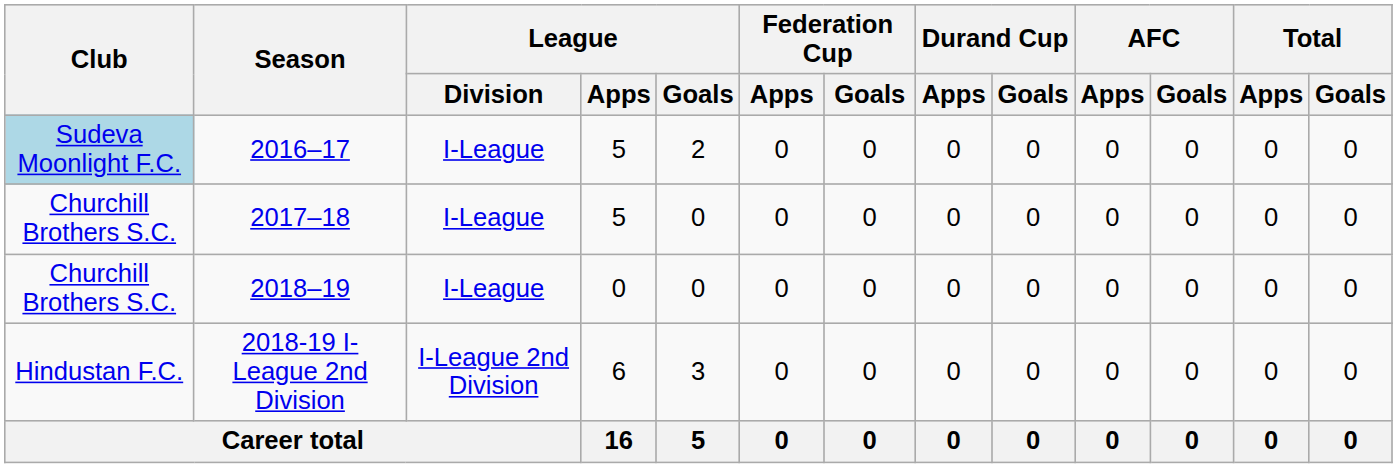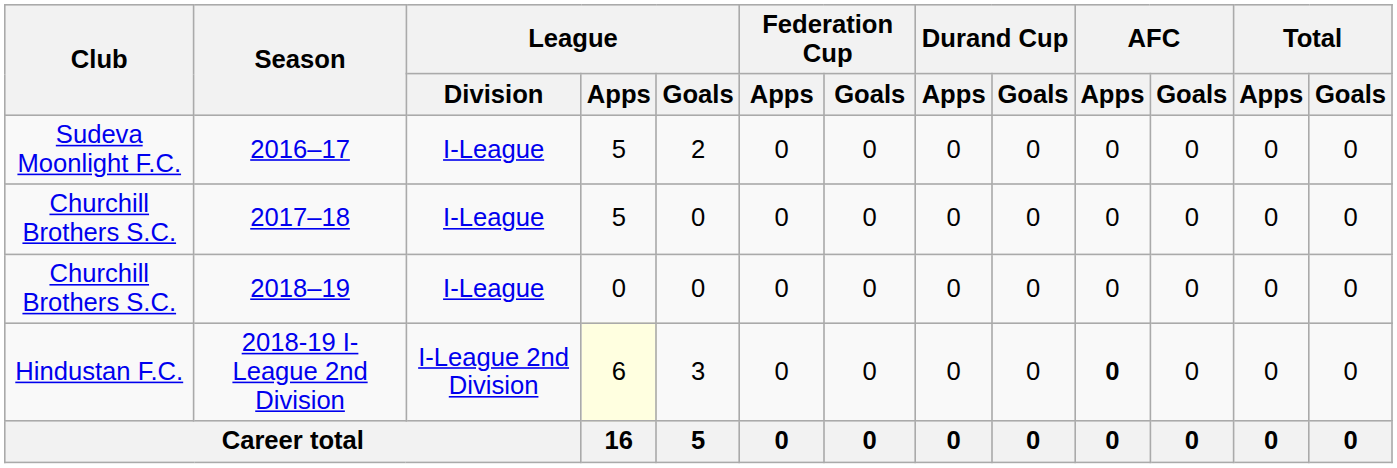 <table class="wikitable" style="text-align: center;">
 <tr>
 <th rowspan="2">Club</th>
 <th rowspan="2">Season</th>
 <th colspan="3">League</th>
 <th colspan="2">Federation Cup</th>
 <th colspan="2">Durand Cup</th>
 <th colspan="2">AFC</th>
 <th colspan="2">Total</th>
 </tr>
 <tr>
 <th>Division</th>
 <th>Apps</th>
 <th>Goals</th>
 <th>Apps</th>
 <th>Goals</th>
 <th>Apps</th>
 <th>Goals</th>
 <th>Apps</th>
 <th>Goals</th>
 <th>Apps</th>
 <th>Goals</th>
 </tr>
 <tr>
-<td rowspan="1" style="background: lightblue;"><a href='#'>Sudeva Moonlight F.C.</a></td>
+<td rowspan="1"><a href='#'>Sudeva Moonlight F.C.</a></td>
 <td><a href='#'>2016–17</a></td>
 <td><a href='#'>I-League</a></td>
 <td>5</td>
 <td>2</td>
 <td>0</td>
 <td>0</td>
 <td>0</td>
 <td>0</td>
 <td>0</td>
 <td>0</td>
 <td>0</td>
 <td>0</td>
 </tr>
 <tr>
 <td rowspan="1"><a href='#'>Churchill Brothers S.C.</a></td>
 <td><a href='#'>2017–18</a></td>
 <td><a href='#'>I-League</a></td>
 <td>5</td>
 <td>0</td>
 <td>0</td>
 <td>0</td>
 <td>0</td>
 <td>0</td>
 <td>0</td>
 <td>0</td>
 <td>0</td>
 <td>0</td>
 </tr>
 <tr>
 <td rowspan="1"><a href='#'>Churchill Brothers S.C.</a></td>
 <td><a href='#'>2018–19</a></td>
 <td><a href='#'>I-League</a></td>
 <td>0</td>
 <td>0</td>
 <td>0</td>
 <td>0</td>
 <td>0</td>
 <td>0</td>
 <td>0</td>
 <td>0</td>
 <td>0</td>
 <td>0</td>
 </tr>
 <tr>
 <td rowspan="1"><a href='#'>Hindustan F.C.</a></td>
 <td><a href='#'>2018-19 I-League 2nd Division</a></td>
 <td><a href='#'>I-League 2nd Division</a></td>
-<td>6</td>
+<td style="background: lightyellow;">6</td>
 <td>3</td>
 <td>0</td>
 <td>0</td>
 <td>0</td>
 <td>0</td>
-<td>0</td>
+<td><strong>0</strong></td>
 <td>0</td>
 <td>0</td>
 <td>0</td>
 </tr>
 <tr>
 <th colspan="3">Career total</th>
 <th>16</th>
 <th>5</th>
 <th>0</th>
 <th>0</th>
 <th>0</th>
 <th>0</th>
 <th>0</th>
 <th>0</th>
 <th>0</th>
 <th>0</th>
 </tr>
 </table>
